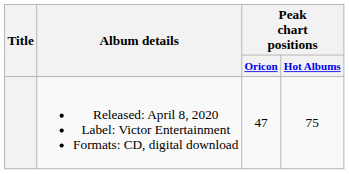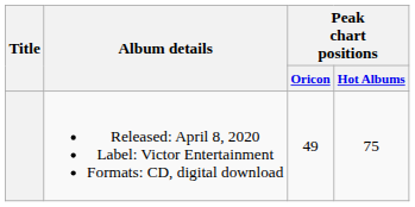 <table class="wikitable plainrowheaders" style="text-align:center;">
 <tr>
 <th scope="col" rowspan="2">Title</th>
 <th scope="col" rowspan="2">Album details</th>
 <th scope="col" colspan="2">Peak <br> chart <br> positions</th>
 </tr>
 <tr>
 <th scope="col"><small><a href='#'>Oricon</a></small></th>
 <th scope="col"><small><a href='#'>Hot Albums</a></small></th>
 </tr>
 <tr>
 <th scope="row"><em></em></th>
 <td><br><ul><li>Released: April 8, 2020</li><li>Label: Victor Entertainment</li><li>Formats: CD, digital download</li></ul></td>
-<td>47</td>
+<td>49</td>
 <td>75</td>
 </tr>
 </table>
